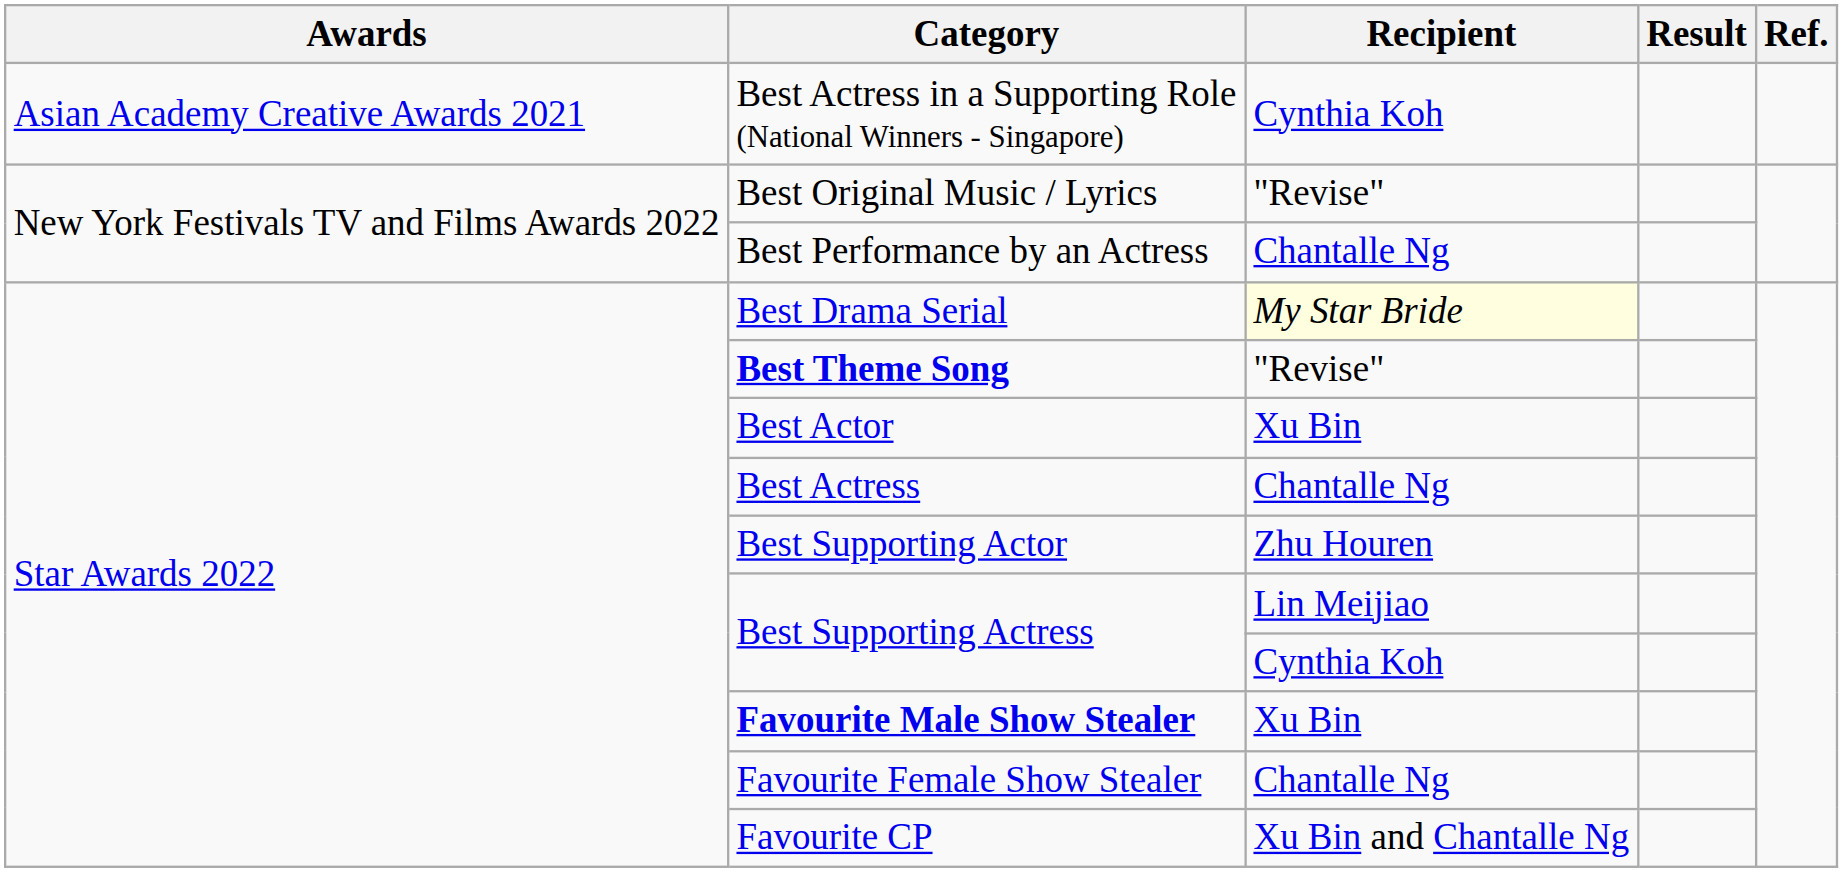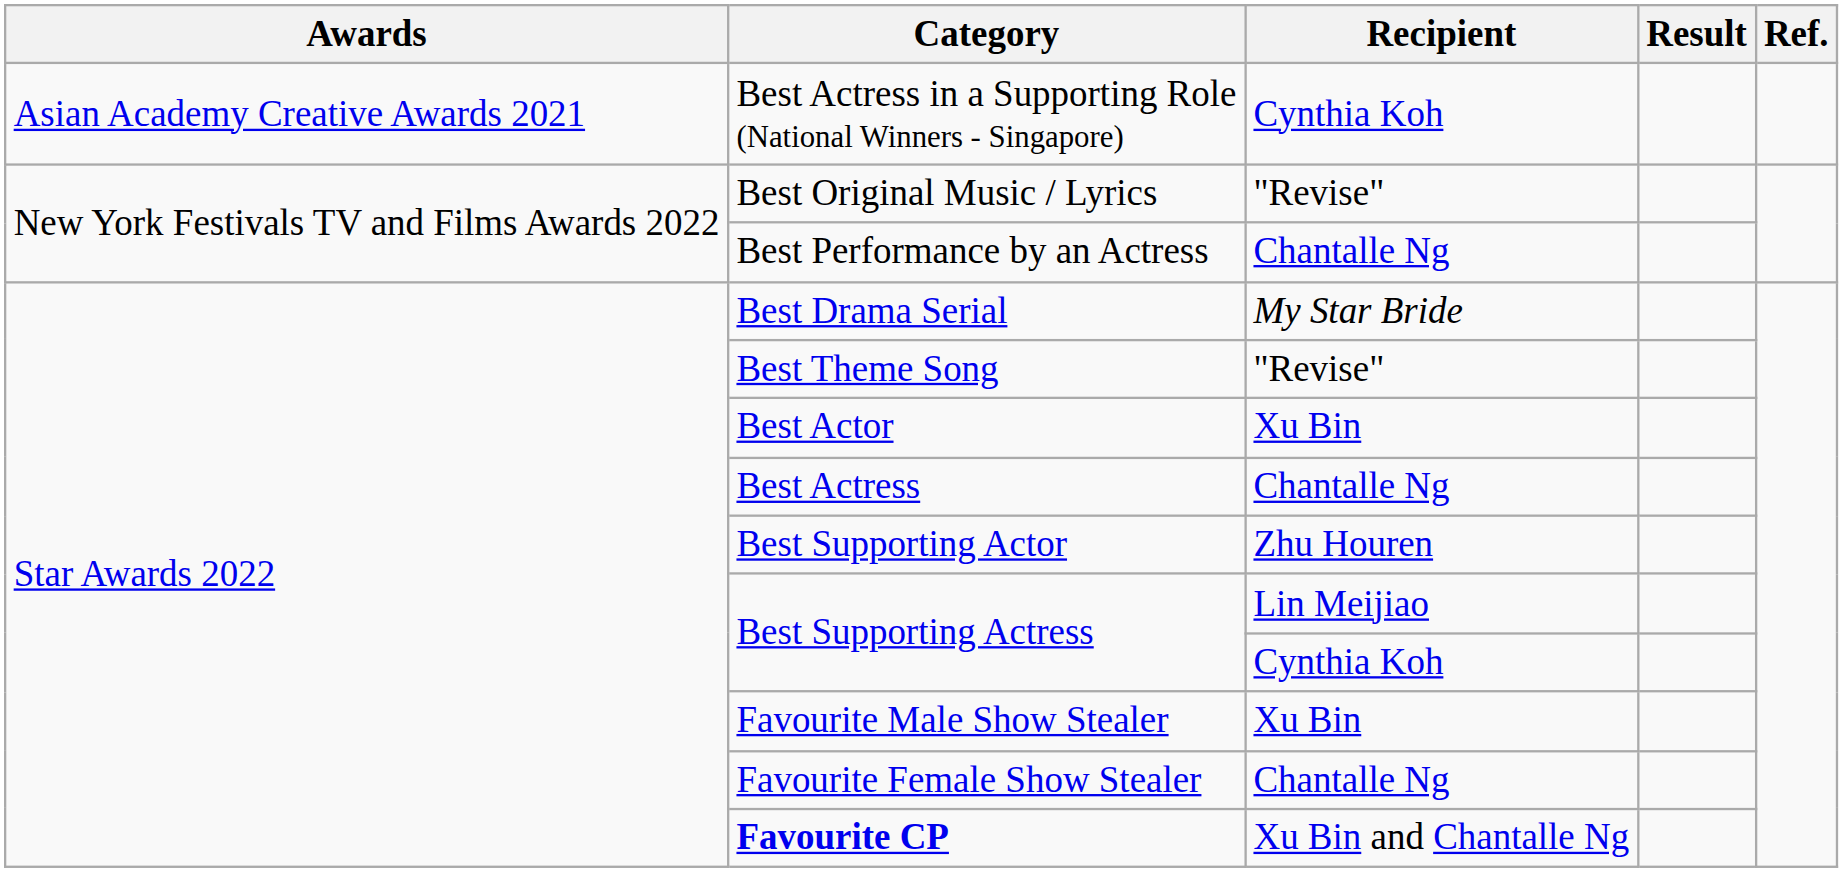 <table class="wikitable">
 <tr>
 <th>Awards</th>
 <th>Category</th>
 <th>Recipient</th>
 <th>Result</th>
 <th>Ref.</th>
 </tr>
 <tr>
 <td><a href='#'>Asian Academy Creative Awards 2021</a></td>
 <td>Best Actress in a Supporting Role<br><small>(National Winners - Singapore)</small></td>
 <td><a href='#'>Cynthia Koh</a></td>
 <td></td>
 <td></td>
 </tr>
 <tr>
 <td rowspan=2>New York Festivals TV and Films Awards 2022</td>
 <td>Best Original Music / Lyrics</td>
 <td>"Revise"</td>
 <td></td>
 <td rowspan=2></td>
 </tr>
 <tr>
 <td>Best Performance by an Actress</td>
 <td><a href='#'>Chantalle Ng</a></td>
 <td></td>
 </tr>
 <tr>
 <td rowspan=10><a href='#'>Star Awards 2022</a></td>
 <td><a href='#'>Best Drama Serial</a></td>
-<td style="background: lightyellow;"><em>My Star Bride</em></td>
+<td><em>My Star Bride</em></td>
 <td></td>
 <td rowspan=10></td>
 </tr>
 <tr>
-<td><strong><a href='#'>Best Theme Song</a></strong></td>
+<td><a href='#'>Best Theme Song</a></td>
 <td>"Revise"</td>
 <td></td>
 </tr>
 <tr>
 <td><a href='#'>Best Actor</a></td>
 <td><a href='#'>Xu Bin</a></td>
 <td></td>
 </tr>
 <tr>
 <td><a href='#'>Best Actress</a></td>
 <td><a href='#'>Chantalle Ng</a></td>
 <td></td>
 </tr>
 <tr>
 <td><a href='#'>Best Supporting Actor</a></td>
 <td><a href='#'>Zhu Houren</a></td>
 <td></td>
 </tr>
 <tr>
 <td rowspan=2><a href='#'>Best Supporting Actress</a></td>
 <td><a href='#'>Lin Meijiao</a></td>
 <td></td>
 </tr>
 <tr>
 <td><a href='#'>Cynthia Koh</a></td>
 <td></td>
 </tr>
 <tr>
-<td><strong><a href='#'>Favourite Male Show Stealer</a></strong></td>
+<td><a href='#'>Favourite Male Show Stealer</a></td>
 <td><a href='#'>Xu Bin</a></td>
 <td></td>
 </tr>
 <tr>
 <td><a href='#'>Favourite Female Show Stealer</a></td>
 <td><a href='#'>Chantalle Ng</a></td>
 <td></td>
 </tr>
 <tr>
-<td><a href='#'>Favourite CP</a></td>
+<td><strong><a href='#'>Favourite CP</a></strong></td>
 <td><a href='#'>Xu Bin</a> and <a href='#'>Chantalle Ng</a></td>
 <td></td>
 </tr>
 </table>
